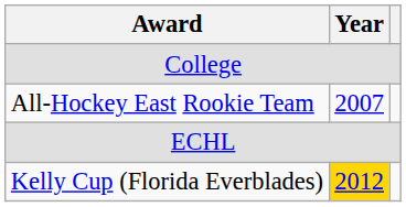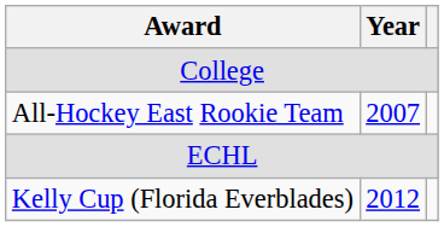 <table class="wikitable">
 <tr>
 <th>Award</th>
 <th>Year</th>
 <th></th>
 </tr>
 <tr ALIGN="center" bgcolor="#e0e0e0">
 <td colspan="3"><a href='#'>College</a></td>
 </tr>
 <tr>
 <td>All-<a href='#'>Hockey East</a> <a href='#'>Rookie Team</a></td>
 <td><a href='#'>2007</a></td>
 <td></td>
 </tr>
 <tr ALIGN="center" bgcolor="#e0e0e0">
 <td colspan="3"><a href='#'>ECHL</a></td>
 </tr>
 <tr>
 <td><a href='#'>Kelly Cup</a> (Florida Everblades)</td>
-<td style="background: gold;"><a href='#'>2012</a></td>
+<td><a href='#'>2012</a></td>
 <td></td>
 </tr>
 </table>
